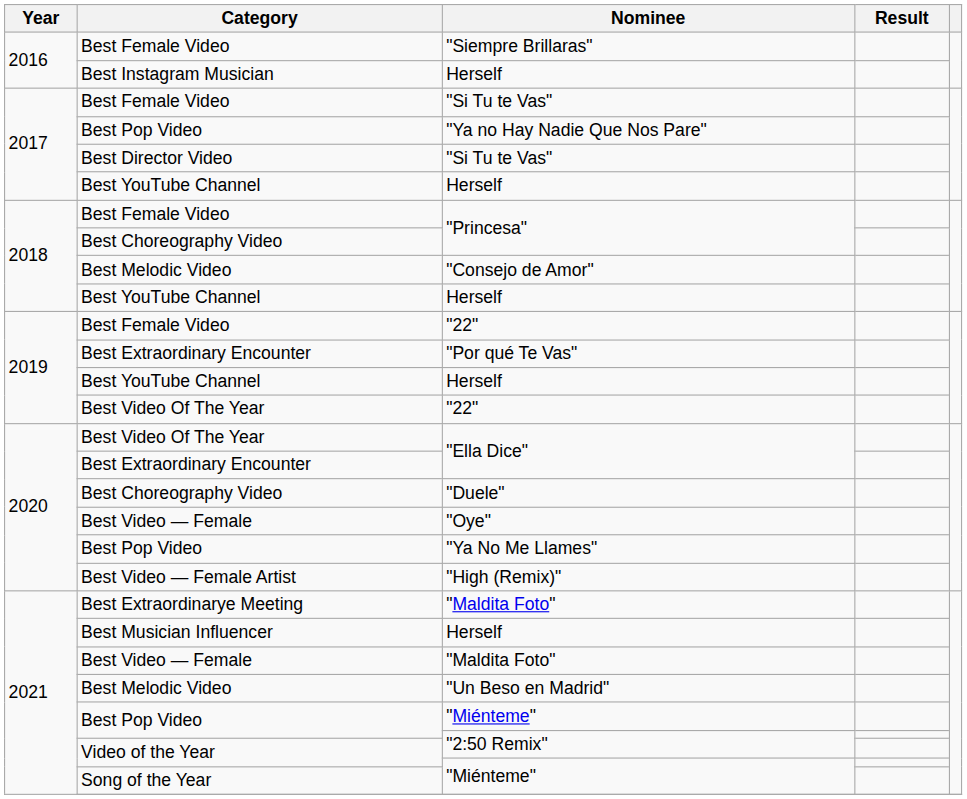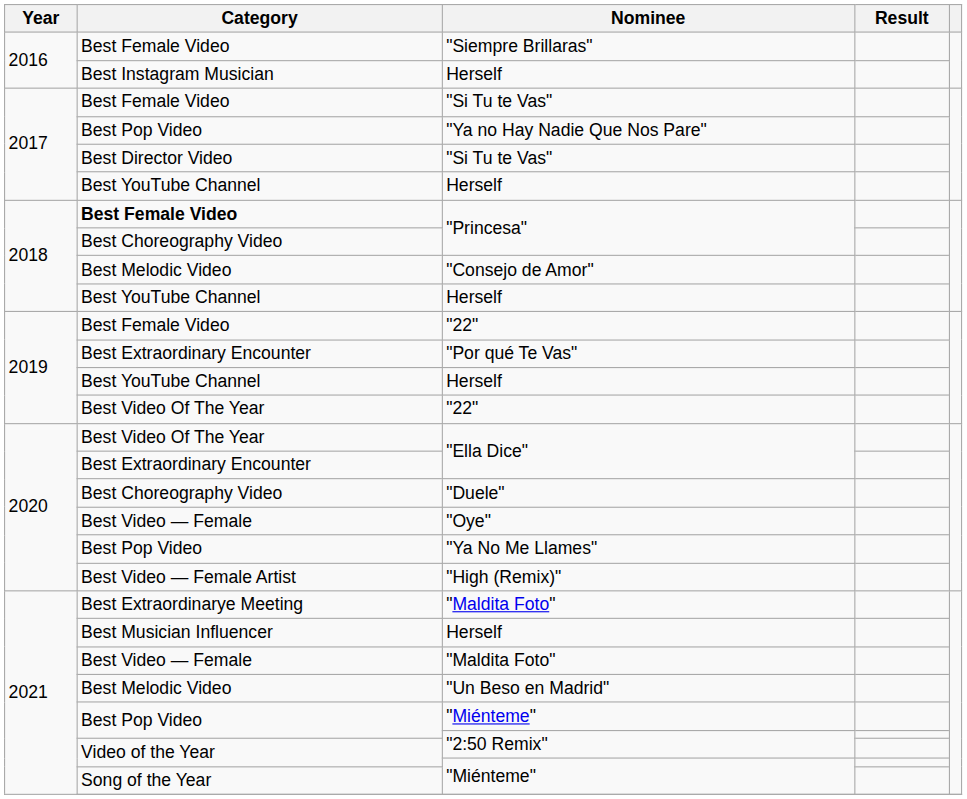 <table class="wikitable" style="width:55%;">
 <tr>
 <th>Year</th>
 <th>Category</th>
 <th>Nominee</th>
 <th>Result</th>
 <th></th>
 </tr>
 <tr>
 <td rowspan="2">2016</td>
 <td>Best Female Video</td>
 <td>"Siempre Brillaras"</td>
 <td></td>
 <td rowspan="2"></td>
 </tr>
 <tr>
 <td>Best Instagram Musician</td>
 <td>Herself</td>
 <td></td>
 </tr>
 <tr>
 <td rowspan="4">2017</td>
 <td>Best Female Video</td>
 <td>"Si Tu te Vas"</td>
 <td></td>
 <td rowspan="4"></td>
 </tr>
 <tr>
 <td>Best Pop Video</td>
 <td>"Ya no Hay Nadie Que Nos Pare"</td>
 <td></td>
 </tr>
 <tr>
 <td>Best Director Video</td>
 <td>"Si Tu te Vas"</td>
 <td></td>
 </tr>
 <tr>
 <td>Best YouTube Channel</td>
 <td>Herself</td>
 <td></td>
 </tr>
 <tr>
 <td rowspan="4">2018</td>
-<td>Best Female Video</td>
+<td><strong>Best Female Video</strong></td>
 <td rowspan="2">"Princesa"</td>
 <td></td>
 <td rowspan="4"></td>
 </tr>
 <tr>
 <td>Best Choreography Video</td>
 <td></td>
 </tr>
 <tr>
 <td>Best Melodic Video</td>
 <td>"Consejo de Amor"</td>
 <td></td>
 </tr>
 <tr>
 <td>Best YouTube Channel</td>
 <td>Herself</td>
 <td></td>
 </tr>
 <tr>
 <td rowspan="4">2019</td>
 <td>Best Female Video</td>
 <td>"22"</td>
 <td></td>
 <td rowspan="4"></td>
 </tr>
 <tr>
 <td>Best Extraordinary Encounter</td>
 <td>"Por qué Te Vas"</td>
 <td></td>
 </tr>
 <tr>
 <td>Best YouTube Channel</td>
 <td>Herself</td>
 <td></td>
 </tr>
 <tr>
 <td>Best Video Of The Year</td>
 <td>"22"</td>
 <td></td>
 </tr>
 <tr>
 <td rowspan="6">2020</td>
 <td>Best Video Of The Year</td>
 <td rowspan="2">"Ella Dice"</td>
 <td></td>
 <td rowspan="6"></td>
 </tr>
 <tr>
 <td>Best Extraordinary Encounter</td>
 <td></td>
 </tr>
 <tr>
 <td>Best Choreography Video</td>
 <td>"Duele"</td>
 <td></td>
 </tr>
 <tr>
 <td>Best Video — Female</td>
 <td>"Oye"</td>
 <td></td>
 </tr>
 <tr>
 <td>Best Pop Video</td>
 <td>"Ya No Me Llames"</td>
 <td></td>
 </tr>
 <tr>
 <td>Best Video — Female Artist</td>
 <td>"High (Remix)"</td>
 <td></td>
 </tr>
 <tr>
 <td rowspan="10">2021</td>
 <td>Best Extraordinarye Meeting</td>
 <td>"<a href='#'>Maldita Foto</a>"</td>
 <td></td>
 <td rowspan="9"></td>
 </tr>
 <tr>
 <td>Best Musician Influencer</td>
 <td>Herself</td>
 <td></td>
 </tr>
 <tr>
 <td>Best Video — Female</td>
 <td>"Maldita Foto"</td>
 <td></td>
 </tr>
 <tr>
 <td>Best Melodic Video</td>
 <td>"Un Beso en Madrid"</td>
 <td></td>
 </tr>
 <tr>
 <td rowspan="2">Best Pop Video</td>
 <td>"<a href='#'>Miénteme</a>"</td>
 <td></td>
 </tr>
 <tr>
 <td rowspan="2">"2:50 Remix"</td>
 <td></td>
 </tr>
 <tr>
 <td rowspan="2">Video of the Year</td>
 <td></td>
 </tr>
 <tr>
 <td rowspan="2">"Miénteme"</td>
 <td></td>
 </tr>
 <tr>
 <td>Song of the Year</td>
 <td></td>
 </tr>
 <tr>
 </tr>
 </table>
